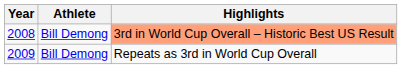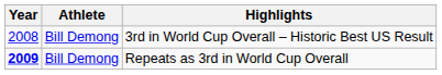 <table class="wikitable">
 <tr>
 <th>Year</th>
 <th>Athlete</th>
 <th>Highlights</th>
 </tr>
 <tr>
 <td><a href='#'>2008</a></td>
 <td><a href='#'>Bill Demong</a></td>
-<td style="background: lightsalmon;">3rd in World Cup Overall – Historic Best US Result</td>
+<td>3rd in World Cup Overall – Historic Best US Result</td>
 </tr>
 <tr>
-<td><a href='#'>2009</a></td>
+<td><strong><a href='#'>2009</a></strong></td>
 <td><a href='#'>Bill Demong</a></td>
 <td>Repeats as 3rd in World Cup Overall</td>
 </tr>
 </table>
